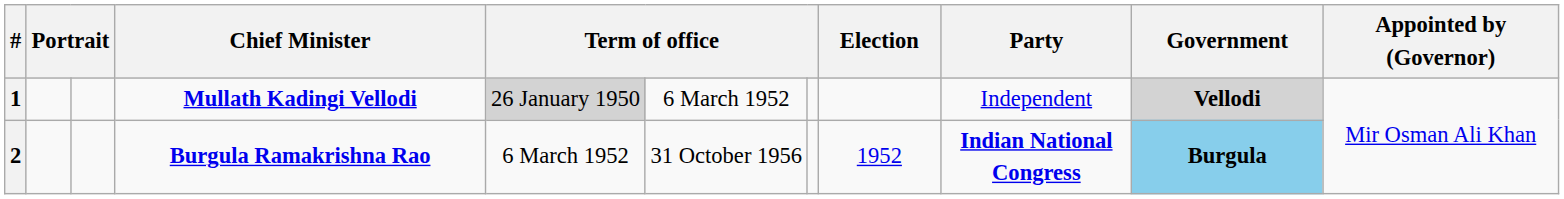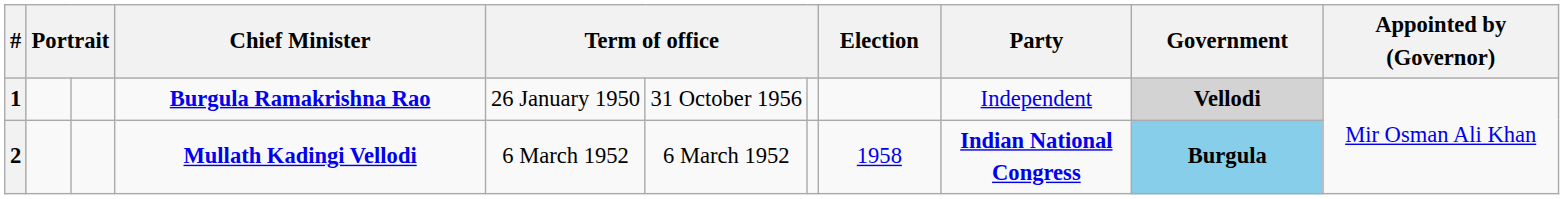 <table class="wikitable" style="line-height:1.4em; text-align:center">
 <tr>
 <th>#</th>
 <th colspan="2">Portrait</th>
 <th style="width:16em">Chief Minister<br></th>
 <th colspan="3">Term of office</th>
 <th style="width:5em">Election<br></th>
 <th style="width:8em">Party</th>
 <th style="width:8em">Government</th>
 <th style="width:10em">Appointed by<br>(Governor)</th>
 </tr>
 <tr>
 <th>1</th>
 <td></td>
 <td></td>
-<td><strong><a href='#'>Mullath Kadingi Vellodi</a></strong><br></td>
-<td style="background: lightgrey;">26 January 1950</td>
-<td>6 March 1952</td>
+<td><strong><a href='#'>Burgula Ramakrishna Rao</a></strong><br></td>
+<td>26 January 1950</td>
+<td>31 October 1956</td>
 <td><strong></strong></td>
 <td><br></td>
 <td><a href='#'>Independent</a></td>
 <td bgcolor="#D3D3D3"><strong>Vellodi</strong></td>
 <td rowspan=2><a href='#'>Mir Osman Ali Khan</a></td>
 </tr>
 <tr>
 <th>2</th>
 <td></td>
 <td></td>
-<td><strong><a href='#'>Burgula Ramakrishna Rao</a></strong><br></td>
+<td><strong><a href='#'>Mullath Kadingi Vellodi</a></strong><br></td>
 <td>6 March 1952</td>
-<td>31 October 1956</td>
+<td>6 March 1952</td>
 <td><strong></strong></td>
-<td><a href='#'>1952</a><br></td>
+<td><a href='#'>1958</a><br></td>
 <td><strong><a href='#'>Indian National Congress</a></strong></td>
 <td bgcolor="#87CEEB"><strong>Burgula</strong></td>
 </tr>
 </table>
